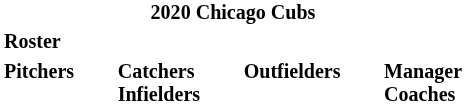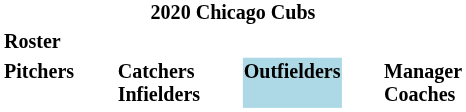 <table class="toccolours" style="font-size: 95%;">
 <tr>
 <th colspan="10">2020 Chicago Cubs</th>
 </tr>
 <tr>
 <td colspan="10"><strong>Roster</strong></td>
 </tr>
 <tr>
 <td valign="top"><strong>Pitchers</strong><br>                        </td>
 <td width="25px"></td>
 <td valign="top"><strong>Catchers</strong><br>   <strong>Infielders</strong>          </td>
 <td width="25px"></td>
-<td valign="top"><strong>Outfielders</strong><br>       </td>
+<td valign="top" style="background: lightblue;"><strong>Outfielders</strong><br>       </td>
 <td width="25px"></td>
 <td valign="top"><strong>Manager</strong><br> <strong>Coaches</strong>                          </td>
 </tr>
 </table>
